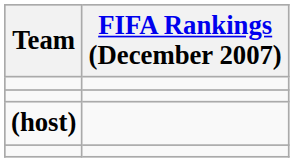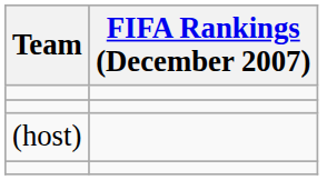 <table class="wikitable sortable" style="text-align: left;">
 <tr>
 <th>Team</th>
 <th><a href='#'>FIFA Rankings</a><br>(December 2007)</th>
 </tr>
 <tr>
 <td></td>
 <td></td>
 </tr>
 <tr>
 <td></td>
 <td></td>
 </tr>
 <tr>
-<td><strong> (host)</strong></td>
+<td> (host)</td>
 <td></td>
 </tr>
 <tr>
 <td></td>
 <td></td>
 </tr>
 </table>
